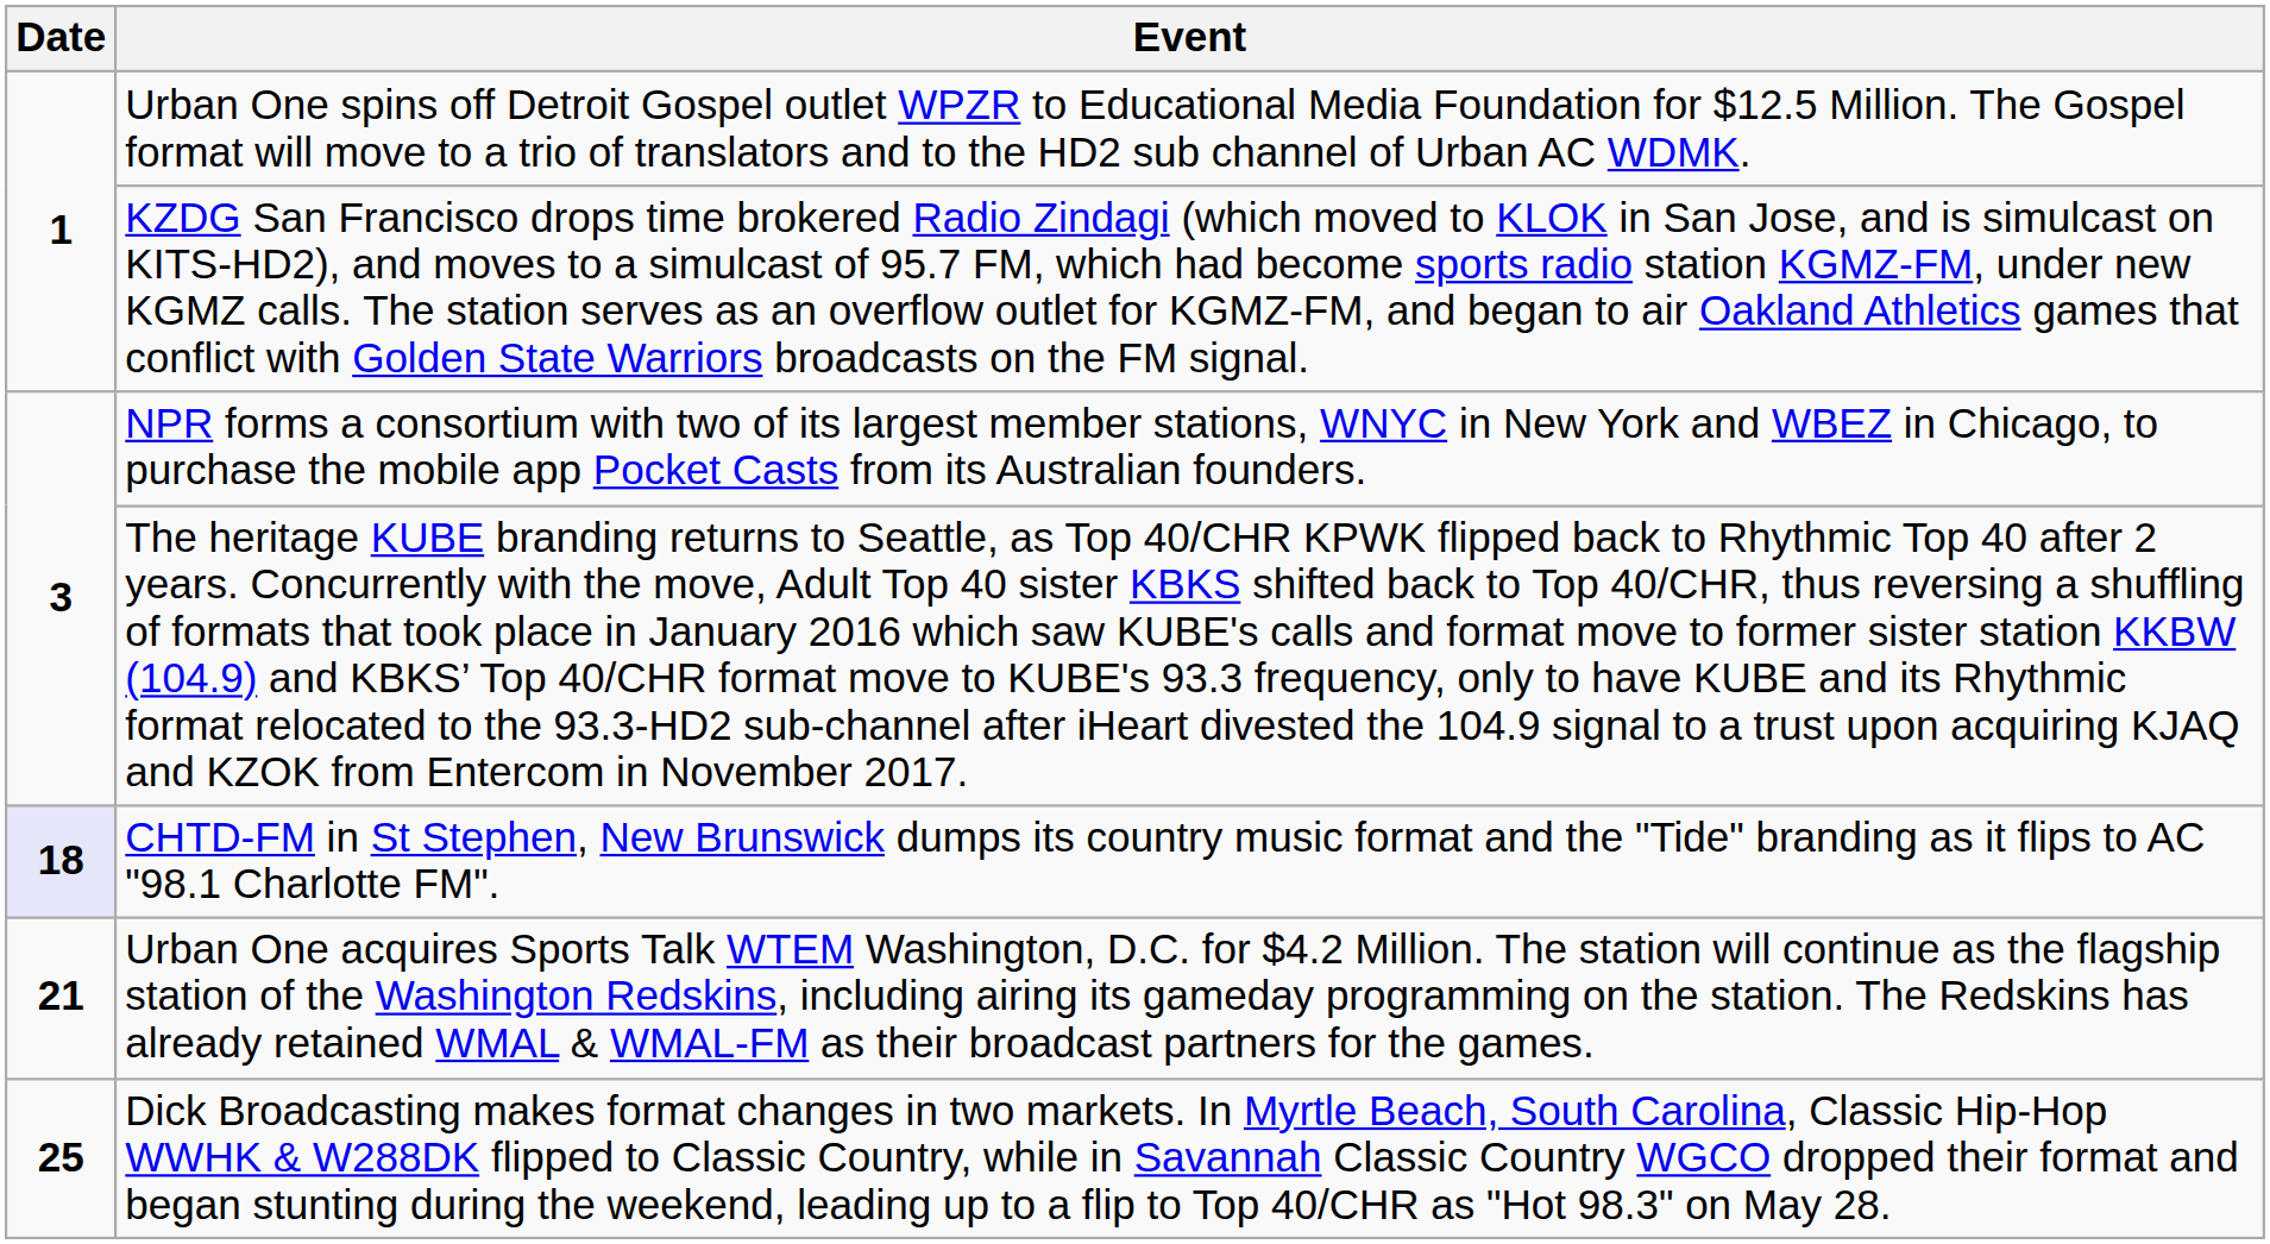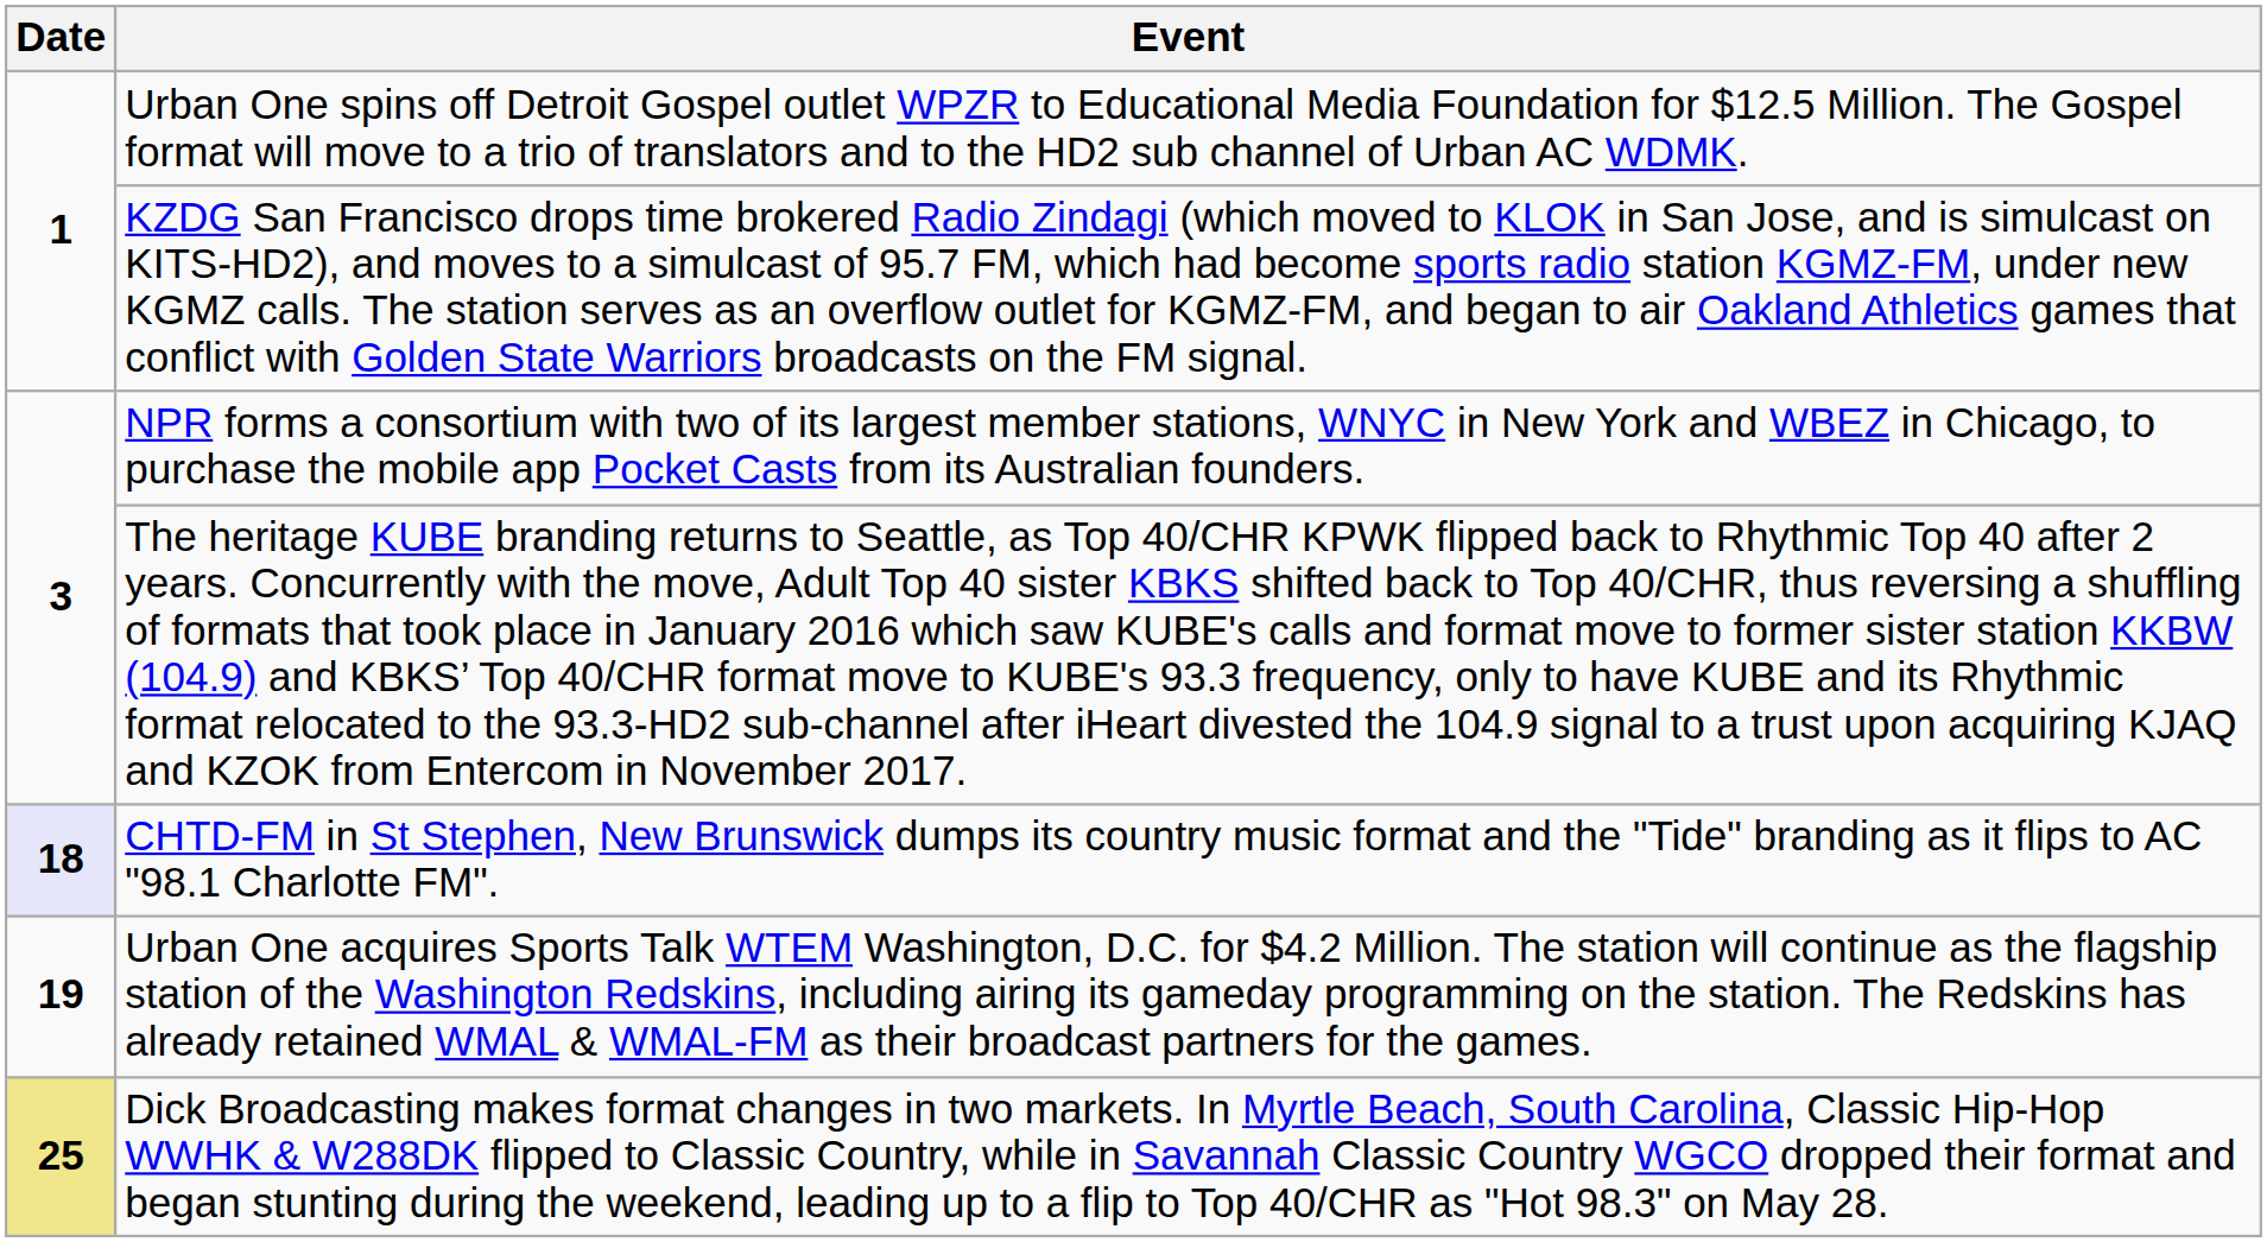 <table class="wikitable">
 <tr>
 <th>Date</th>
 <th>Event</th>
 </tr>
 <tr>
 <td style="text-align:center;" rowspan=2><strong>1</strong></td>
 <td>Urban One spins off Detroit Gospel outlet <a href='#'>WPZR</a> to Educational Media Foundation for $12.5 Million. The Gospel format will move to a trio of translators and to the HD2 sub channel of Urban AC <a href='#'>WDMK</a>.</td>
 </tr>
 <tr>
 <td><a href='#'>KZDG</a> San Francisco drops time brokered <a href='#'>Radio Zindagi</a> (which moved to <a href='#'>KLOK</a> in San Jose, and is simulcast on KITS-HD2), and moves to a simulcast of 95.7 FM, which had become <a href='#'>sports radio</a> station <a href='#'>KGMZ-FM</a>, under new KGMZ calls. The station serves as an overflow outlet for KGMZ-FM, and began to air <a href='#'>Oakland Athletics</a> games that conflict with <a href='#'>Golden State Warriors</a> broadcasts on the FM signal.</td>
 </tr>
 <tr>
 <td style="text-align:center;" rowspan=2><strong>3</strong></td>
 <td><a href='#'>NPR</a> forms a consortium with two of its largest member stations, <a href='#'>WNYC</a> in New York and <a href='#'>WBEZ</a> in Chicago, to purchase the mobile app <a href='#'>Pocket Casts</a> from its Australian founders.</td>
 </tr>
 <tr>
 <td>The heritage <a href='#'>KUBE</a> branding returns to Seattle, as Top 40/CHR KPWK flipped back to Rhythmic Top 40 after 2 years. Concurrently with the move, Adult Top 40 sister <a href='#'>KBKS</a> shifted back to Top 40/CHR, thus reversing a shuffling of formats that took place in January 2016 which saw KUBE's calls and format move to former sister station <a href='#'>KKBW (104.9)</a> and KBKS’ Top 40/CHR format move to KUBE's 93.3 frequency, only to have KUBE and its Rhythmic format relocated to the 93.3-HD2 sub-channel after iHeart divested the 104.9 signal to a trust upon acquiring KJAQ and KZOK from Entercom in November 2017.</td>
 </tr>
 <tr>
 <td style="background: lavender; text-align:center;"><strong>18</strong></td>
 <td><a href='#'>CHTD-FM</a> in <a href='#'>St Stephen</a>, <a href='#'>New Brunswick</a> dumps its country music format and the "Tide" branding as it flips to AC "98.1 Charlotte FM".</td>
 </tr>
 <tr>
-<td style="text-align:center;"><strong>21</strong></td>
+<td style="text-align:center;"><strong>19</strong></td>
 <td>Urban One acquires Sports Talk <a href='#'>WTEM</a> Washington, D.C. for $4.2 Million. The station will continue as the flagship station of the <a href='#'>Washington Redskins</a>, including airing its gameday programming on the station. The Redskins has already retained <a href='#'>WMAL</a> & <a href='#'>WMAL-FM</a> as their broadcast partners for the games.</td>
 </tr>
 <tr>
-<td style="text-align:center;"><strong>25</strong></td>
+<td style="background: khaki; text-align:center;"><strong>25</strong></td>
 <td>Dick Broadcasting makes format changes in two markets. In <a href='#'>Myrtle Beach, South Carolina</a>, Classic Hip-Hop <a href='#'>WWHK & W288DK</a> flipped to Classic Country, while in <a href='#'>Savannah</a> Classic Country <a href='#'>WGCO</a> dropped their format and began stunting during the weekend, leading up to a flip to Top 40/CHR as "Hot 98.3" on May 28.</td>
 </tr>
 </table>
